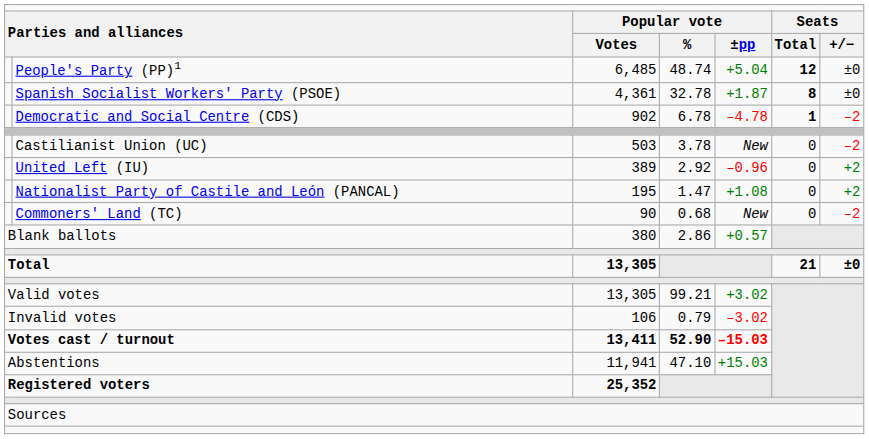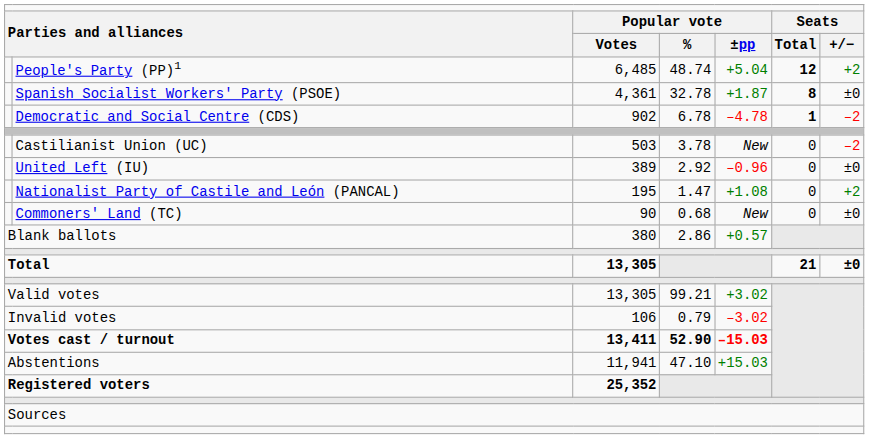 <table class="wikitable" style="text-align:right;">
 <tr>
 <td colspan="7"></td>
 </tr>
 <tr>
 <th style="text-align:left;" rowspan="2" colspan="2" width="525">Parties and alliances</th>
 <th colspan="3">Popular vote</th>
 <th colspan="2">Seats</th>
 </tr>
 <tr>
 <th width="75">Votes</th>
 <th width="45">%</th>
 <th width="45">±<a href='#'>pp</a></th>
 <th width="35">Total</th>
 <th width="35">+/−</th>
 </tr>
 <tr>
 <td width="1" style="color:inherit;background:"></td>
 <td align="left"><a href='#'>People's Party</a> (PP)<sup>1</sup></td>
 <td>6,485</td>
 <td>48.74</td>
 <td style="color:green;">+5.04</td>
 <td><strong>12</strong></td>
-<td>±0</td>
+<td style="color:green;">+2</td>
 </tr>
 <tr>
 <td style="color:inherit;background:"></td>
 <td align="left"><a href='#'>Spanish Socialist Workers' Party</a> (PSOE)</td>
 <td>4,361</td>
 <td>32.78</td>
 <td style="color:green;">+1.87</td>
 <td><strong>8</strong></td>
 <td>±0</td>
 </tr>
 <tr>
 <td style="color:inherit;background:"></td>
 <td align="left"><a href='#'>Democratic and Social Centre</a> (CDS)</td>
 <td>902</td>
 <td>6.78</td>
 <td style="color:red;">–4.78</td>
 <td><strong>1</strong></td>
 <td style="color:red;">–2</td>
 </tr>
 <tr>
 <td colspan="7" bgcolor="#C0C0C0"></td>
 </tr>
 <tr>
 <td style="color:inherit;background:"></td>
 <td align="left">Castilianist Union (UC)</td>
 <td>503</td>
 <td>3.78</td>
 <td><em>New</em></td>
 <td>0</td>
 <td style="color:red;">–2</td>
 </tr>
 <tr>
 <td style="color:inherit;background:"></td>
 <td align="left"><a href='#'>United Left</a> (IU)</td>
 <td>389</td>
 <td>2.92</td>
 <td style="color:red;">–0.96</td>
 <td>0</td>
-<td style="color:green;">+2</td>
+<td>±0</td>
 </tr>
 <tr>
 <td style="color:inherit;background:"></td>
 <td align="left"><a href='#'>Nationalist Party of Castile and León</a> (PANCAL)</td>
 <td>195</td>
 <td>1.47</td>
 <td style="color:green;">+1.08</td>
 <td>0</td>
 <td style="color:green;">+2</td>
 </tr>
 <tr>
 <td style="color:inherit;background:"></td>
 <td align="left"><a href='#'>Commoners' Land</a> (TC)</td>
 <td>90</td>
 <td>0.68</td>
 <td><em>New</em></td>
 <td>0</td>
-<td style="color:red;">–2</td>
+<td>±0</td>
 </tr>
 <tr>
 <td align="left" colspan="2">Blank ballots</td>
 <td>380</td>
 <td>2.86</td>
 <td style="color:green;">+0.57</td>
 <td bgcolor="#E9E9E9" colspan="2"></td>
 </tr>
 <tr>
 <td colspan="7" bgcolor="#E9E9E9"></td>
 </tr>
 <tr style="font-weight:bold;">
 <td align="left" colspan="2">Total</td>
 <td>13,305</td>
 <td bgcolor="#E9E9E9" colspan="2"></td>
 <td>21</td>
 <td>±0</td>
 </tr>
 <tr>
 <td colspan="7" bgcolor="#E9E9E9"></td>
 </tr>
 <tr>
 <td align="left" colspan="2">Valid votes</td>
 <td>13,305</td>
 <td>99.21</td>
 <td style="color:green;">+3.02</td>
 <td bgcolor="#E9E9E9" colspan="2" rowspan="5"></td>
 </tr>
 <tr>
 <td align="left" colspan="2">Invalid votes</td>
 <td>106</td>
 <td>0.79</td>
 <td style="color:red;">–3.02</td>
 </tr>
 <tr style="font-weight:bold;">
 <td align="left" colspan="2">Votes cast / turnout</td>
 <td>13,411</td>
 <td>52.90</td>
 <td style="color:red;">–15.03</td>
 </tr>
 <tr>
 <td align="left" colspan="2">Abstentions</td>
 <td>11,941</td>
 <td>47.10</td>
 <td style="color:green;">+15.03</td>
 </tr>
 <tr style="font-weight:bold;">
 <td align="left" colspan="2">Registered voters</td>
 <td>25,352</td>
 <td bgcolor="#E9E9E9" colspan="2"></td>
 </tr>
 <tr>
 <td colspan="7" bgcolor="#E9E9E9"></td>
 </tr>
 <tr>
 <td align="left" colspan="7">Sources</td>
 </tr>
 <tr>
 <td colspan="7" style="text-align:left; max-width:790px;"></td>
 </tr>
 </table>
